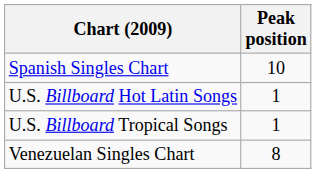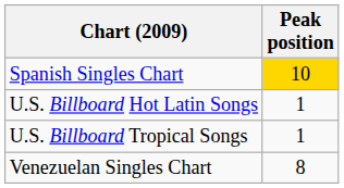 <table class="wikitable sortable">
 <tr>
 <th align="left">Chart (2009)</th>
 <th align="left">Peak<br>position</th>
 </tr>
 <tr>
 <td align="left"><a href='#'>Spanish Singles Chart</a></td>
-<td align="center">10</td>
+<td align="center" style="background: gold;">10</td>
 </tr>
 <tr>
 <td align="left">U.S. <em><a href='#'>Billboard</a></em> <a href='#'>Hot Latin Songs</a></td>
 <td align="center">1</td>
 </tr>
 <tr>
 <td align="left">U.S. <em><a href='#'>Billboard</a></em> Tropical Songs</td>
 <td align="center">1</td>
 </tr>
 <tr>
 <td align="left">Venezuelan Singles Chart</td>
 <td align="center">8</td>
 </tr>
 </table>
